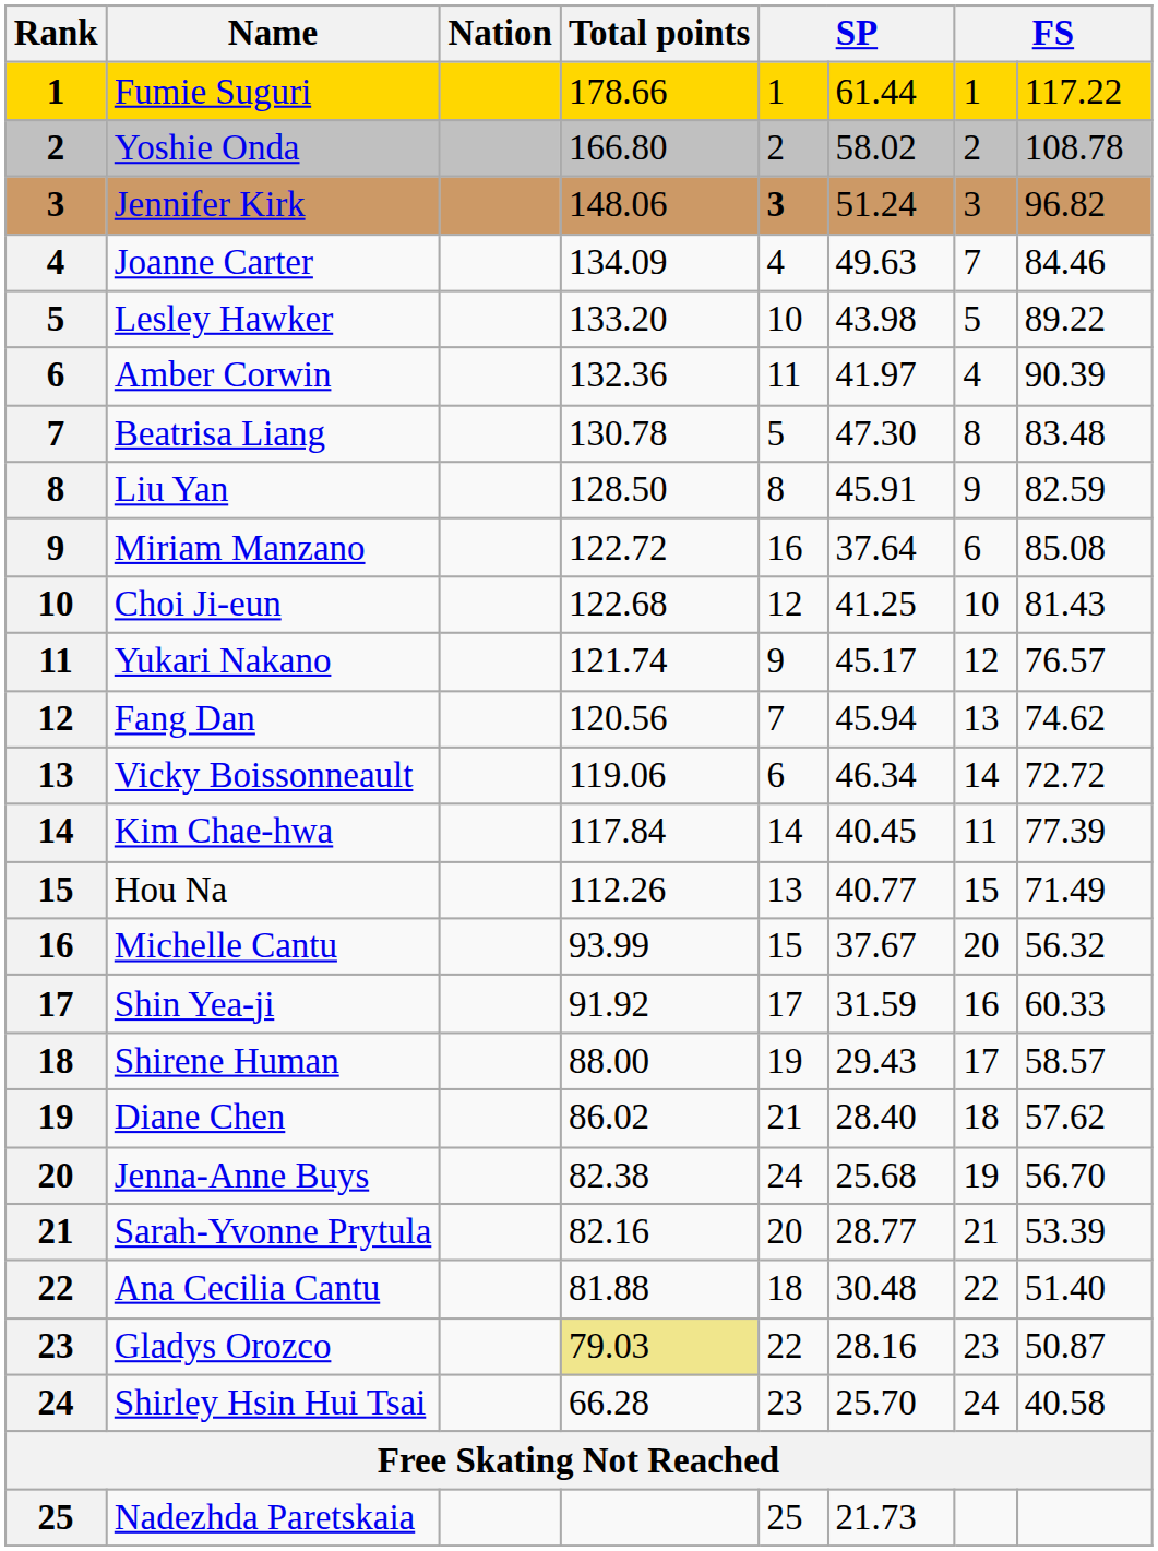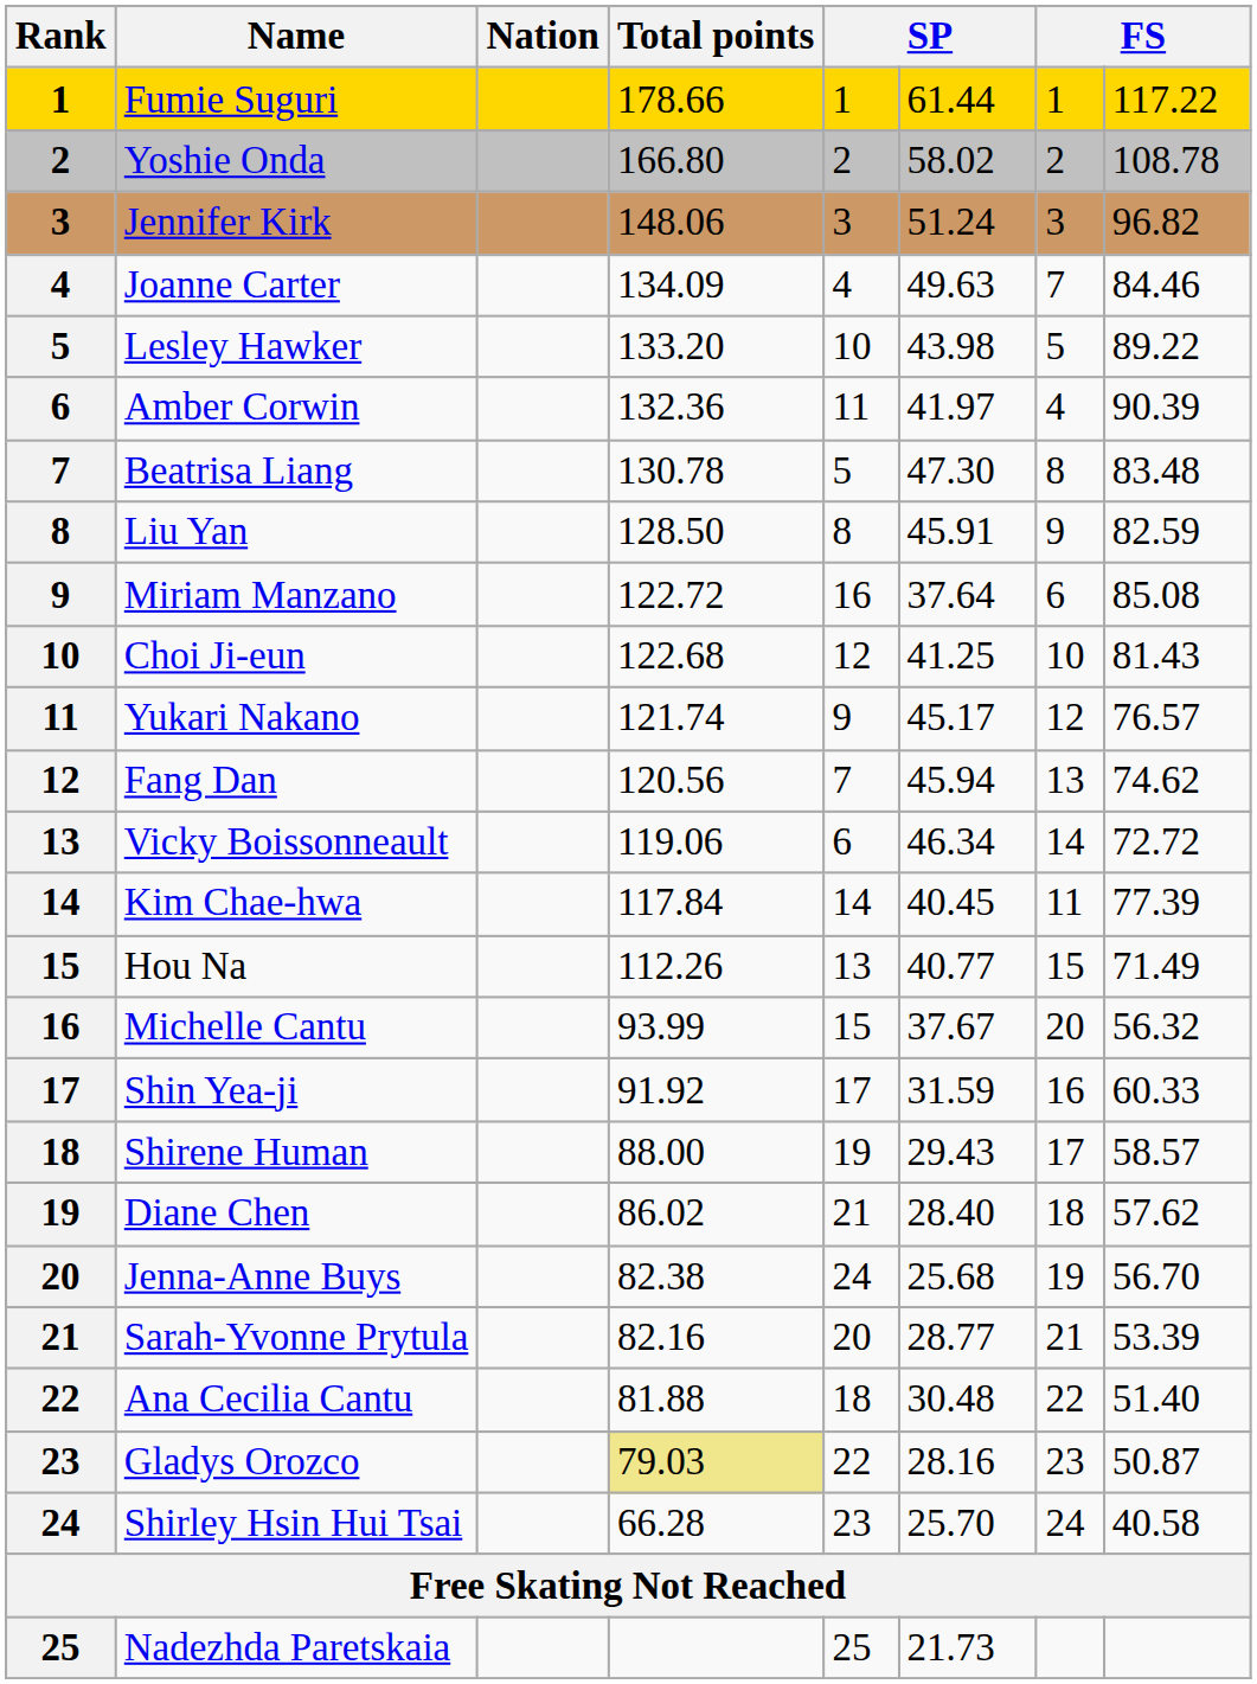 <table class="wikitable">
 <tr>
 <th>Rank</th>
 <th>Name</th>
 <th>Nation</th>
 <th>Total points</th>
 <th colspan="2" width="80px"><a href='#'>SP</a></th>
 <th colspan="2" width="80px"><a href='#'>FS</a></th>
 </tr>
 <tr bgcolor="gold">
 <td align="center"><strong>1</strong></td>
 <td><a href='#'>Fumie Suguri</a></td>
 <td></td>
 <td>178.66</td>
 <td>1</td>
 <td>61.44</td>
 <td>1</td>
 <td>117.22</td>
 </tr>
 <tr bgcolor="silver">
 <td align="center"><strong>2</strong></td>
 <td><a href='#'>Yoshie Onda</a></td>
 <td></td>
 <td>166.80</td>
 <td>2</td>
 <td>58.02</td>
 <td>2</td>
 <td>108.78</td>
 </tr>
 <tr bgcolor="cc9966">
 <td align="center"><strong>3</strong></td>
 <td><a href='#'>Jennifer Kirk</a></td>
 <td></td>
 <td>148.06</td>
-<td><strong>3</strong></td>
+<td>3</td>
 <td>51.24</td>
 <td>3</td>
 <td>96.82</td>
 </tr>
 <tr>
 <th>4</th>
 <td><a href='#'>Joanne Carter</a></td>
 <td></td>
 <td>134.09</td>
 <td>4</td>
 <td>49.63</td>
 <td>7</td>
 <td>84.46</td>
 </tr>
 <tr>
 <th>5</th>
 <td><a href='#'>Lesley Hawker</a></td>
 <td></td>
 <td>133.20</td>
 <td>10</td>
 <td>43.98</td>
 <td>5</td>
 <td>89.22</td>
 </tr>
 <tr>
 <th>6</th>
 <td><a href='#'>Amber Corwin</a></td>
 <td></td>
 <td>132.36</td>
 <td>11</td>
 <td>41.97</td>
 <td>4</td>
 <td>90.39</td>
 </tr>
 <tr>
 <th>7</th>
 <td><a href='#'>Beatrisa Liang</a></td>
 <td></td>
 <td>130.78</td>
 <td>5</td>
 <td>47.30</td>
 <td>8</td>
 <td>83.48</td>
 </tr>
 <tr>
 <th>8</th>
 <td><a href='#'>Liu Yan</a></td>
 <td></td>
 <td>128.50</td>
 <td>8</td>
 <td>45.91</td>
 <td>9</td>
 <td>82.59</td>
 </tr>
 <tr>
 <th>9</th>
 <td><a href='#'>Miriam Manzano</a></td>
 <td></td>
 <td>122.72</td>
 <td>16</td>
 <td>37.64</td>
 <td>6</td>
 <td>85.08</td>
 </tr>
 <tr>
 <th>10</th>
 <td><a href='#'>Choi Ji-eun</a></td>
 <td></td>
 <td>122.68</td>
 <td>12</td>
 <td>41.25</td>
 <td>10</td>
 <td>81.43</td>
 </tr>
 <tr>
 <th>11</th>
 <td><a href='#'>Yukari Nakano</a></td>
 <td></td>
 <td>121.74</td>
 <td>9</td>
 <td>45.17</td>
 <td>12</td>
 <td>76.57</td>
 </tr>
 <tr>
 <th>12</th>
 <td><a href='#'>Fang Dan</a></td>
 <td></td>
 <td>120.56</td>
 <td>7</td>
 <td>45.94</td>
 <td>13</td>
 <td>74.62</td>
 </tr>
 <tr>
 <th>13</th>
 <td><a href='#'>Vicky Boissonneault</a></td>
 <td></td>
 <td>119.06</td>
 <td>6</td>
 <td>46.34</td>
 <td>14</td>
 <td>72.72</td>
 </tr>
 <tr>
 <th>14</th>
 <td><a href='#'>Kim Chae-hwa</a></td>
 <td></td>
 <td>117.84</td>
 <td>14</td>
 <td>40.45</td>
 <td>11</td>
 <td>77.39</td>
 </tr>
 <tr>
 <th>15</th>
 <td>Hou Na</td>
 <td></td>
 <td>112.26</td>
 <td>13</td>
 <td>40.77</td>
 <td>15</td>
 <td>71.49</td>
 </tr>
 <tr>
 <th>16</th>
 <td><a href='#'>Michelle Cantu</a></td>
 <td></td>
 <td>93.99</td>
 <td>15</td>
 <td>37.67</td>
 <td>20</td>
 <td>56.32</td>
 </tr>
 <tr>
 <th>17</th>
 <td><a href='#'>Shin Yea-ji</a></td>
 <td></td>
 <td>91.92</td>
 <td>17</td>
 <td>31.59</td>
 <td>16</td>
 <td>60.33</td>
 </tr>
 <tr>
 <th>18</th>
 <td><a href='#'>Shirene Human</a></td>
 <td></td>
 <td>88.00</td>
 <td>19</td>
 <td>29.43</td>
 <td>17</td>
 <td>58.57</td>
 </tr>
 <tr>
 <th>19</th>
 <td><a href='#'>Diane Chen</a></td>
 <td></td>
 <td>86.02</td>
 <td>21</td>
 <td>28.40</td>
 <td>18</td>
 <td>57.62</td>
 </tr>
 <tr>
 <th>20</th>
 <td><a href='#'>Jenna-Anne Buys</a></td>
 <td></td>
 <td>82.38</td>
 <td>24</td>
 <td>25.68</td>
 <td>19</td>
 <td>56.70</td>
 </tr>
 <tr>
 <th>21</th>
 <td><a href='#'>Sarah-Yvonne Prytula</a></td>
 <td></td>
 <td>82.16</td>
 <td>20</td>
 <td>28.77</td>
 <td>21</td>
 <td>53.39</td>
 </tr>
 <tr>
 <th>22</th>
 <td><a href='#'>Ana Cecilia Cantu</a></td>
 <td></td>
 <td>81.88</td>
 <td>18</td>
 <td>30.48</td>
 <td>22</td>
 <td>51.40</td>
 </tr>
 <tr>
 <th>23</th>
 <td><a href='#'>Gladys Orozco</a></td>
 <td></td>
 <td style="background: khaki;">79.03</td>
 <td>22</td>
 <td>28.16</td>
 <td>23</td>
 <td>50.87</td>
 </tr>
 <tr>
 <th>24</th>
 <td><a href='#'>Shirley Hsin Hui Tsai</a></td>
 <td></td>
 <td>66.28</td>
 <td>23</td>
 <td>25.70</td>
 <td>24</td>
 <td>40.58</td>
 </tr>
 <tr>
 <th colspan=8>Free Skating Not Reached</th>
 </tr>
 <tr>
 <th>25</th>
 <td><a href='#'>Nadezhda Paretskaia</a></td>
 <td></td>
 <td></td>
 <td>25</td>
 <td>21.73</td>
 <td></td>
 <td></td>
 </tr>
 </table>
